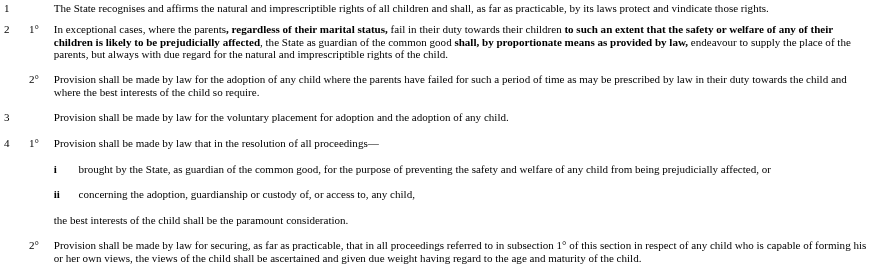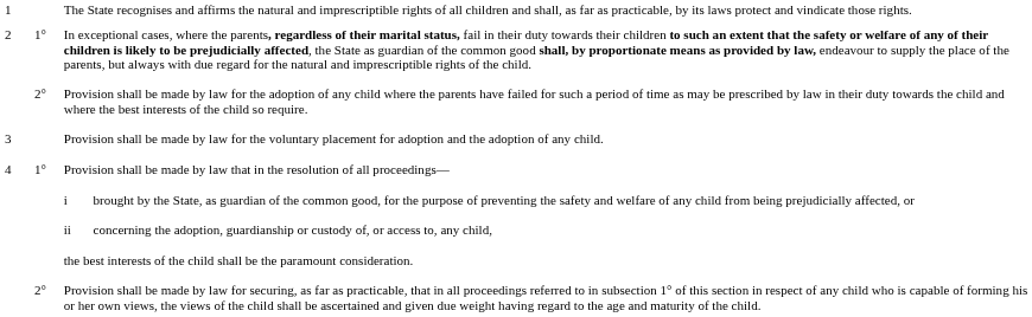 <table class="toccolours">
 <tr valign="top">
 <td style="width: 2em;">1</td>
 <td></td>
 <td colspan=2 style="padding-bottom: 10px;">The State recognises and affirms the natural and imprescriptible rights of all children and shall, as far as practicable, by its laws protect and vindicate those rights.</td>
 </tr>
 <tr valign="top">
 <td rowspan=2>2</td>
 <td style="width: 2em;">1°</td>
 <td colspan=2 style="padding-bottom: 1em;">In exceptional cases, where the parents<strong>, regardless of their marital status,</strong> fail in their duty towards their children <strong>to such an extent that the safety or welfare of any of their children is likely to be prejudicially affected</strong>, the State as guardian of the common good <strong>shall, by proportionate means as provided by law,</strong> endeavour to supply the place of the parents, but always with due regard for the natural and imprescriptible rights of the child.</td>
 </tr>
 <tr valign="top">
 <td>2°</td>
 <td colspan=2 style="padding-bottom: 1em;">Provision shall be made by law for the adoption of any child where the parents have failed for such a period of time as may be prescribed by law in their duty towards the child and where the best interests of the child so require.</td>
 </tr>
 <tr valign="top">
 <td>3</td>
 <td></td>
 <td colspan=2 style="padding-bottom: 1em;">Provision shall be made by law for the voluntary placement for adoption and the adoption of any child.</td>
 </tr>
 <tr valign="top">
 <td rowspan=5>4</td>
 <td rowspan=3>1°</td>
 <td colspan=2 style="padding-bottom: 1em;">Provision shall be made by law that in the resolution of all proceedings—</td>
 </tr>
 <tr valign="top">
-<td style="width: 2em;"><strong>i</strong></td>
+<td style="width: 2em;">i</td>
 <td style="padding-bottom: 1em;">brought by the State, as guardian of the common good, for the purpose of preventing the safety and welfare of any child from being prejudicially affected, or</td>
 </tr>
 <tr valign="top">
-<td><strong>ii</strong></td>
+<td>ii</td>
 <td style="padding-bottom: 1em;">concerning the adoption, guardianship or custody of, or access to, any child,</td>
 </tr>
 <tr>
 <td></td>
 <td colspan=2 style="padding-bottom: 1em;">the best interests of the child shall be the paramount consideration.</td>
 </tr>
 <tr valign="top">
 <td>2°</td>
 <td colspan=2 style="padding-bottom: 1em;">Provision shall be made by law for securing, as far as practicable, that in all proceedings referred to in subsection 1° of this section in respect of any child who is capable of forming his or her own views, the views of the child shall be ascertained and given due weight having regard to the age and maturity of the child.</td>
 </tr>
 </table>
